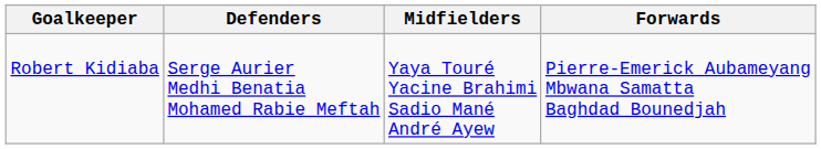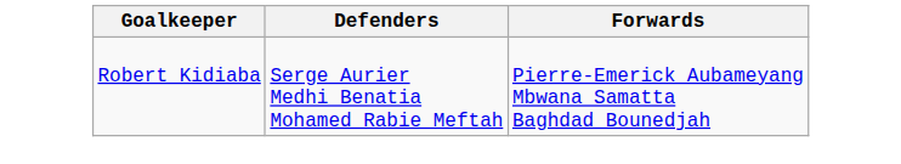 <table class="wikitable" style="margin:0 auto">
 <tr>
 <th>Goalkeeper</th>
 <th>Defenders</th>
-<th>Midfielders</th>
 <th>Forwards</th>
 </tr>
 <tr>
 <td align=left valign=top><br> <a href='#'>Robert Kidiaba</a></td>
 <td align=left valign=top><br> <a href='#'>Serge Aurier</a><br>  <a href='#'>Medhi Benatia</a><br>  <a href='#'>Mohamed Rabie Meftah</a></td>
-<td align=left valign=top><br> <a href='#'>Yaya Touré</a><br>  <a href='#'>Yacine Brahimi</a><br>  <a href='#'>Sadio Mané</a><br>  <a href='#'>André Ayew</a></td>
 <td align=left valign=top><br> <a href='#'>Pierre-Emerick Aubameyang</a><br>  <a href='#'>Mbwana Samatta</a><br>  <a href='#'>Baghdad Bounedjah</a></td>
 </tr>
 </table>
